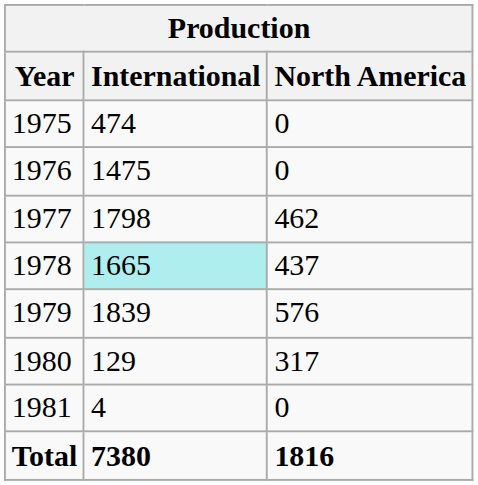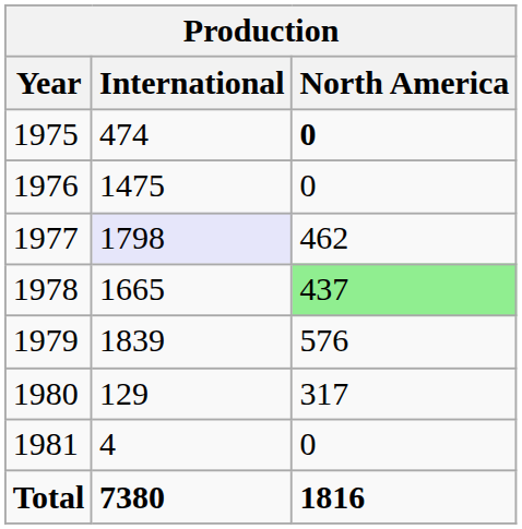 <table class="wikitable">
 <tr>
 <th colspan=3>Production</th>
 </tr>
 <tr>
 <th>Year</th>
 <th>International</th>
 <th>North America</th>
 </tr>
 <tr>
 <td>1975</td>
 <td>474</td>
-<td>0</td>
+<td><strong>0</strong></td>
 </tr>
 <tr>
 <td>1976</td>
 <td>1475</td>
 <td>0</td>
 </tr>
 <tr>
 <td>1977</td>
-<td>1798</td>
+<td style="background: lavender;">1798</td>
 <td>462</td>
 </tr>
 <tr>
 <td>1978</td>
-<td style="background: paleturquoise;">1665</td>
-<td>437</td>
+<td>1665</td>
+<td style="background: lightgreen;">437</td>
 </tr>
 <tr>
 <td>1979</td>
 <td>1839</td>
 <td>576</td>
 </tr>
 <tr>
 <td>1980</td>
 <td>129</td>
 <td>317</td>
 </tr>
 <tr>
 <td>1981</td>
 <td>4</td>
 <td>0</td>
 </tr>
 <tr>
 <td><strong>Total</strong></td>
 <td><strong>7380</strong></td>
 <td><strong>1816</strong></td>
 </tr>
 </table>
